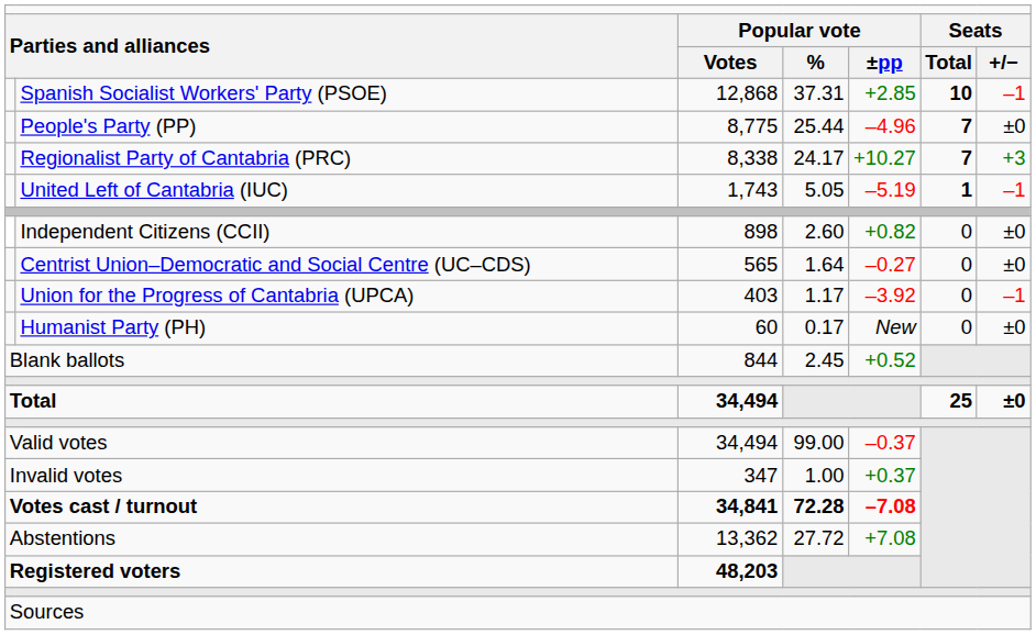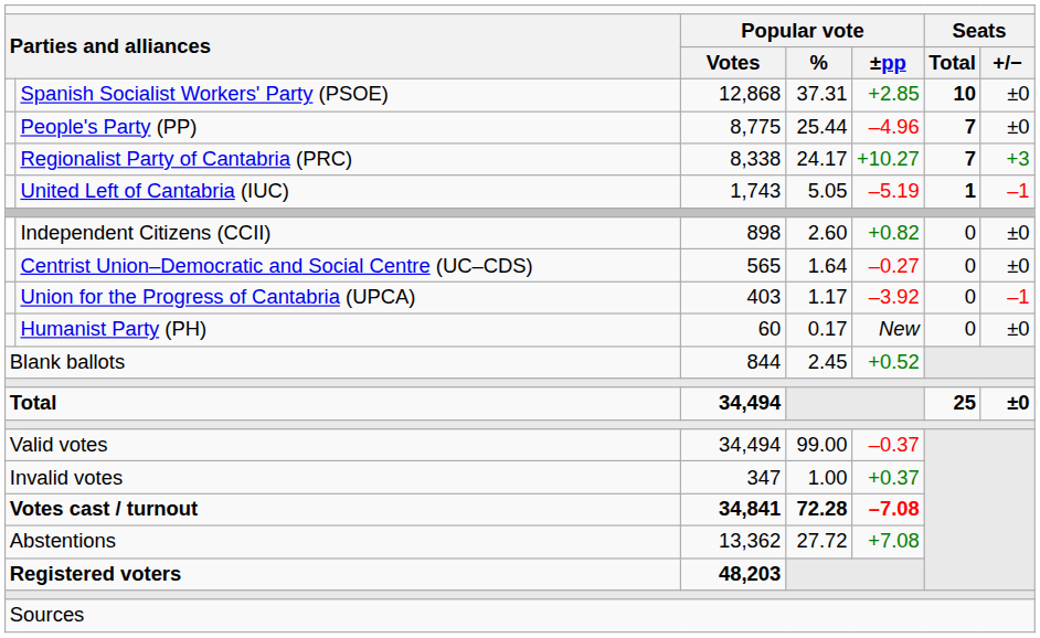 <table class="wikitable" style="text-align:right;">
 <tr>
 <td colspan="7"></td>
 </tr>
 <tr>
 <th style="text-align:left;" rowspan="2" colspan="2" width="525">Parties and alliances</th>
 <th colspan="3">Popular vote</th>
 <th colspan="2">Seats</th>
 </tr>
 <tr>
 <th width="75">Votes</th>
 <th width="45">%</th>
 <th width="45">±<a href='#'>pp</a></th>
 <th width="35">Total</th>
 <th width="35">+/−</th>
 </tr>
 <tr>
 <td width="1" style="color:inherit;background:"></td>
 <td align="left"><a href='#'>Spanish Socialist Workers' Party</a> (PSOE)</td>
 <td>12,868</td>
 <td>37.31</td>
 <td style="color:green;">+2.85</td>
 <td><strong>10</strong></td>
-<td style="color:red;">–1</td>
+<td>±0</td>
 </tr>
 <tr>
 <td style="color:inherit;background:"></td>
 <td align="left"><a href='#'>People's Party</a> (PP)</td>
 <td>8,775</td>
 <td>25.44</td>
 <td style="color:red;">–4.96</td>
 <td><strong>7</strong></td>
 <td>±0</td>
 </tr>
 <tr>
 <td style="color:inherit;background:"></td>
 <td align="left"><a href='#'>Regionalist Party of Cantabria</a> (PRC)</td>
 <td>8,338</td>
 <td>24.17</td>
 <td style="color:green;">+10.27</td>
 <td><strong>7</strong></td>
 <td style="color:green;">+3</td>
 </tr>
 <tr>
 <td style="color:inherit;background:"></td>
 <td align="left"><a href='#'>United Left of Cantabria</a> (IUC)</td>
 <td>1,743</td>
 <td>5.05</td>
 <td style="color:red;">–5.19</td>
 <td><strong>1</strong></td>
 <td style="color:red;">–1</td>
 </tr>
 <tr>
 <td colspan="7" bgcolor="#C0C0C0"></td>
 </tr>
 <tr>
 <td bgcolor="white"></td>
 <td align="left">Independent Citizens (CCII)</td>
 <td>898</td>
 <td>2.60</td>
 <td style="color:green;">+0.82</td>
 <td>0</td>
 <td>±0</td>
 </tr>
 <tr>
 <td style="color:inherit;background:"></td>
 <td align="left"><a href='#'>Centrist Union–Democratic and Social Centre</a> (UC–CDS)</td>
 <td>565</td>
 <td>1.64</td>
 <td style="color:red;">–0.27</td>
 <td>0</td>
 <td>±0</td>
 </tr>
 <tr>
 <td style="color:inherit;background:"></td>
 <td align="left"><a href='#'>Union for the Progress of Cantabria</a> (UPCA)</td>
 <td>403</td>
 <td>1.17</td>
 <td style="color:red;">–3.92</td>
 <td>0</td>
 <td style="color:red;">–1</td>
 </tr>
 <tr>
 <td style="color:inherit;background:"></td>
 <td align="left"><a href='#'>Humanist Party</a> (PH)</td>
 <td>60</td>
 <td>0.17</td>
 <td><em>New</em></td>
 <td>0</td>
 <td>±0</td>
 </tr>
 <tr>
 <td align="left" colspan="2">Blank ballots</td>
 <td>844</td>
 <td>2.45</td>
 <td style="color:green;">+0.52</td>
 <td bgcolor="#E9E9E9" colspan="2"></td>
 </tr>
 <tr>
 <td colspan="7" bgcolor="#E9E9E9"></td>
 </tr>
 <tr style="font-weight:bold;">
 <td align="left" colspan="2">Total</td>
 <td>34,494</td>
 <td bgcolor="#E9E9E9" colspan="2"></td>
 <td>25</td>
 <td>±0</td>
 </tr>
 <tr>
 <td colspan="7" bgcolor="#E9E9E9"></td>
 </tr>
 <tr>
 <td align="left" colspan="2">Valid votes</td>
 <td>34,494</td>
 <td>99.00</td>
 <td style="color:red;">–0.37</td>
 <td bgcolor="#E9E9E9" colspan="2" rowspan="5"></td>
 </tr>
 <tr>
 <td align="left" colspan="2">Invalid votes</td>
 <td>347</td>
 <td>1.00</td>
 <td style="color:green;">+0.37</td>
 </tr>
 <tr style="font-weight:bold;">
 <td align="left" colspan="2">Votes cast / turnout</td>
 <td>34,841</td>
 <td>72.28</td>
 <td style="color:red;">–7.08</td>
 </tr>
 <tr>
 <td align="left" colspan="2">Abstentions</td>
 <td>13,362</td>
 <td>27.72</td>
 <td style="color:green;">+7.08</td>
 </tr>
 <tr style="font-weight:bold;">
 <td align="left" colspan="2">Registered voters</td>
 <td>48,203</td>
 <td bgcolor="#E9E9E9" colspan="2"></td>
 </tr>
 <tr>
 <td colspan="7" bgcolor="#E9E9E9"></td>
 </tr>
 <tr>
 <td align="left" colspan="7">Sources</td>
 </tr>
 </table>
